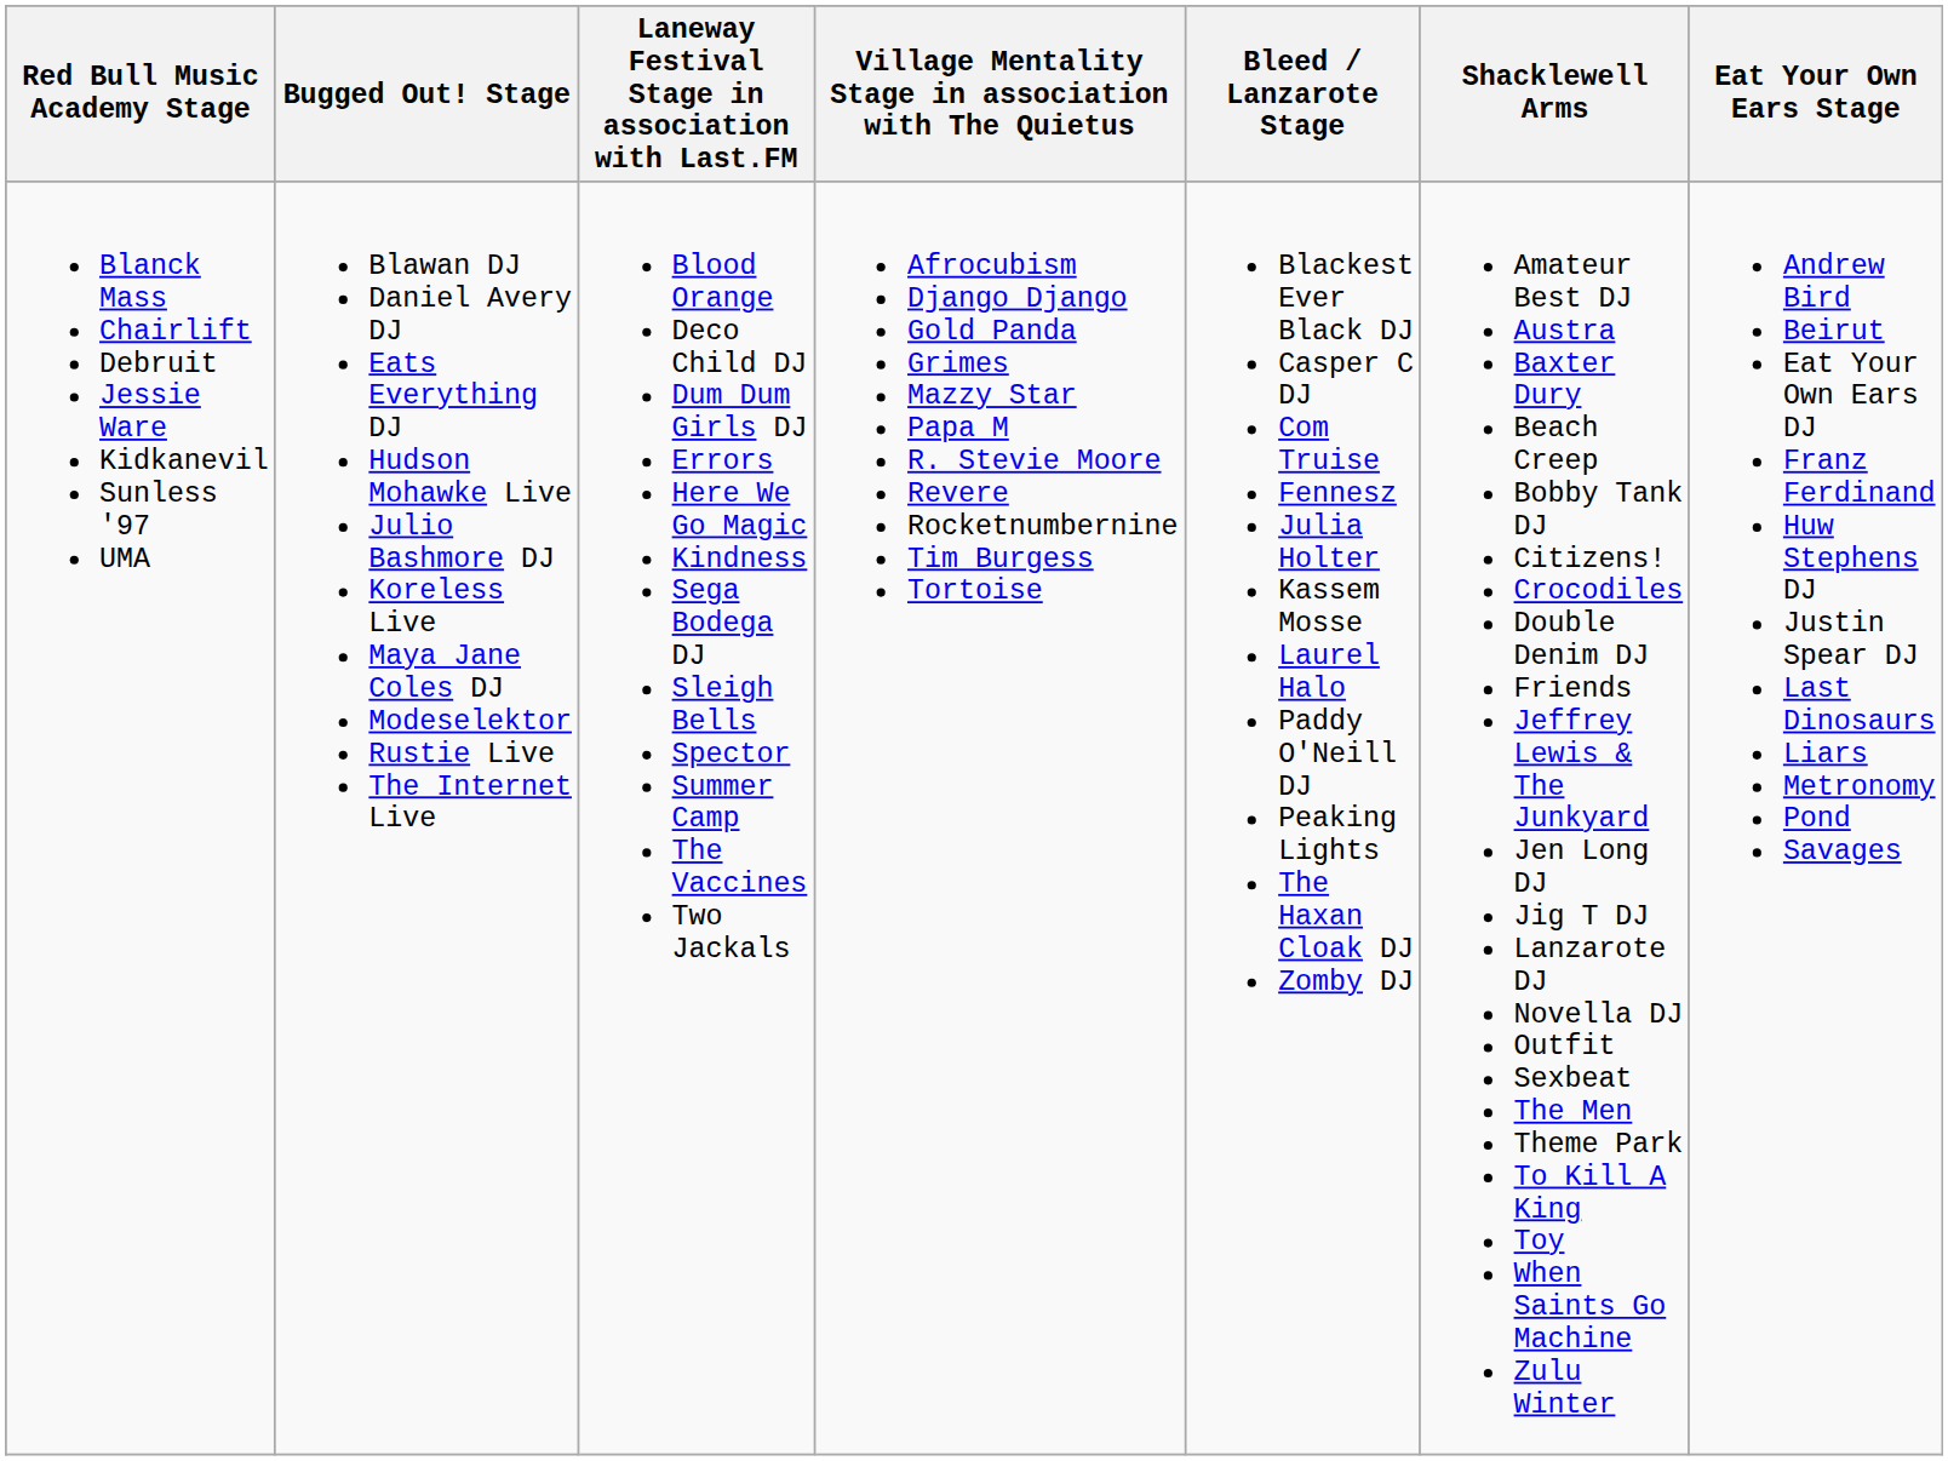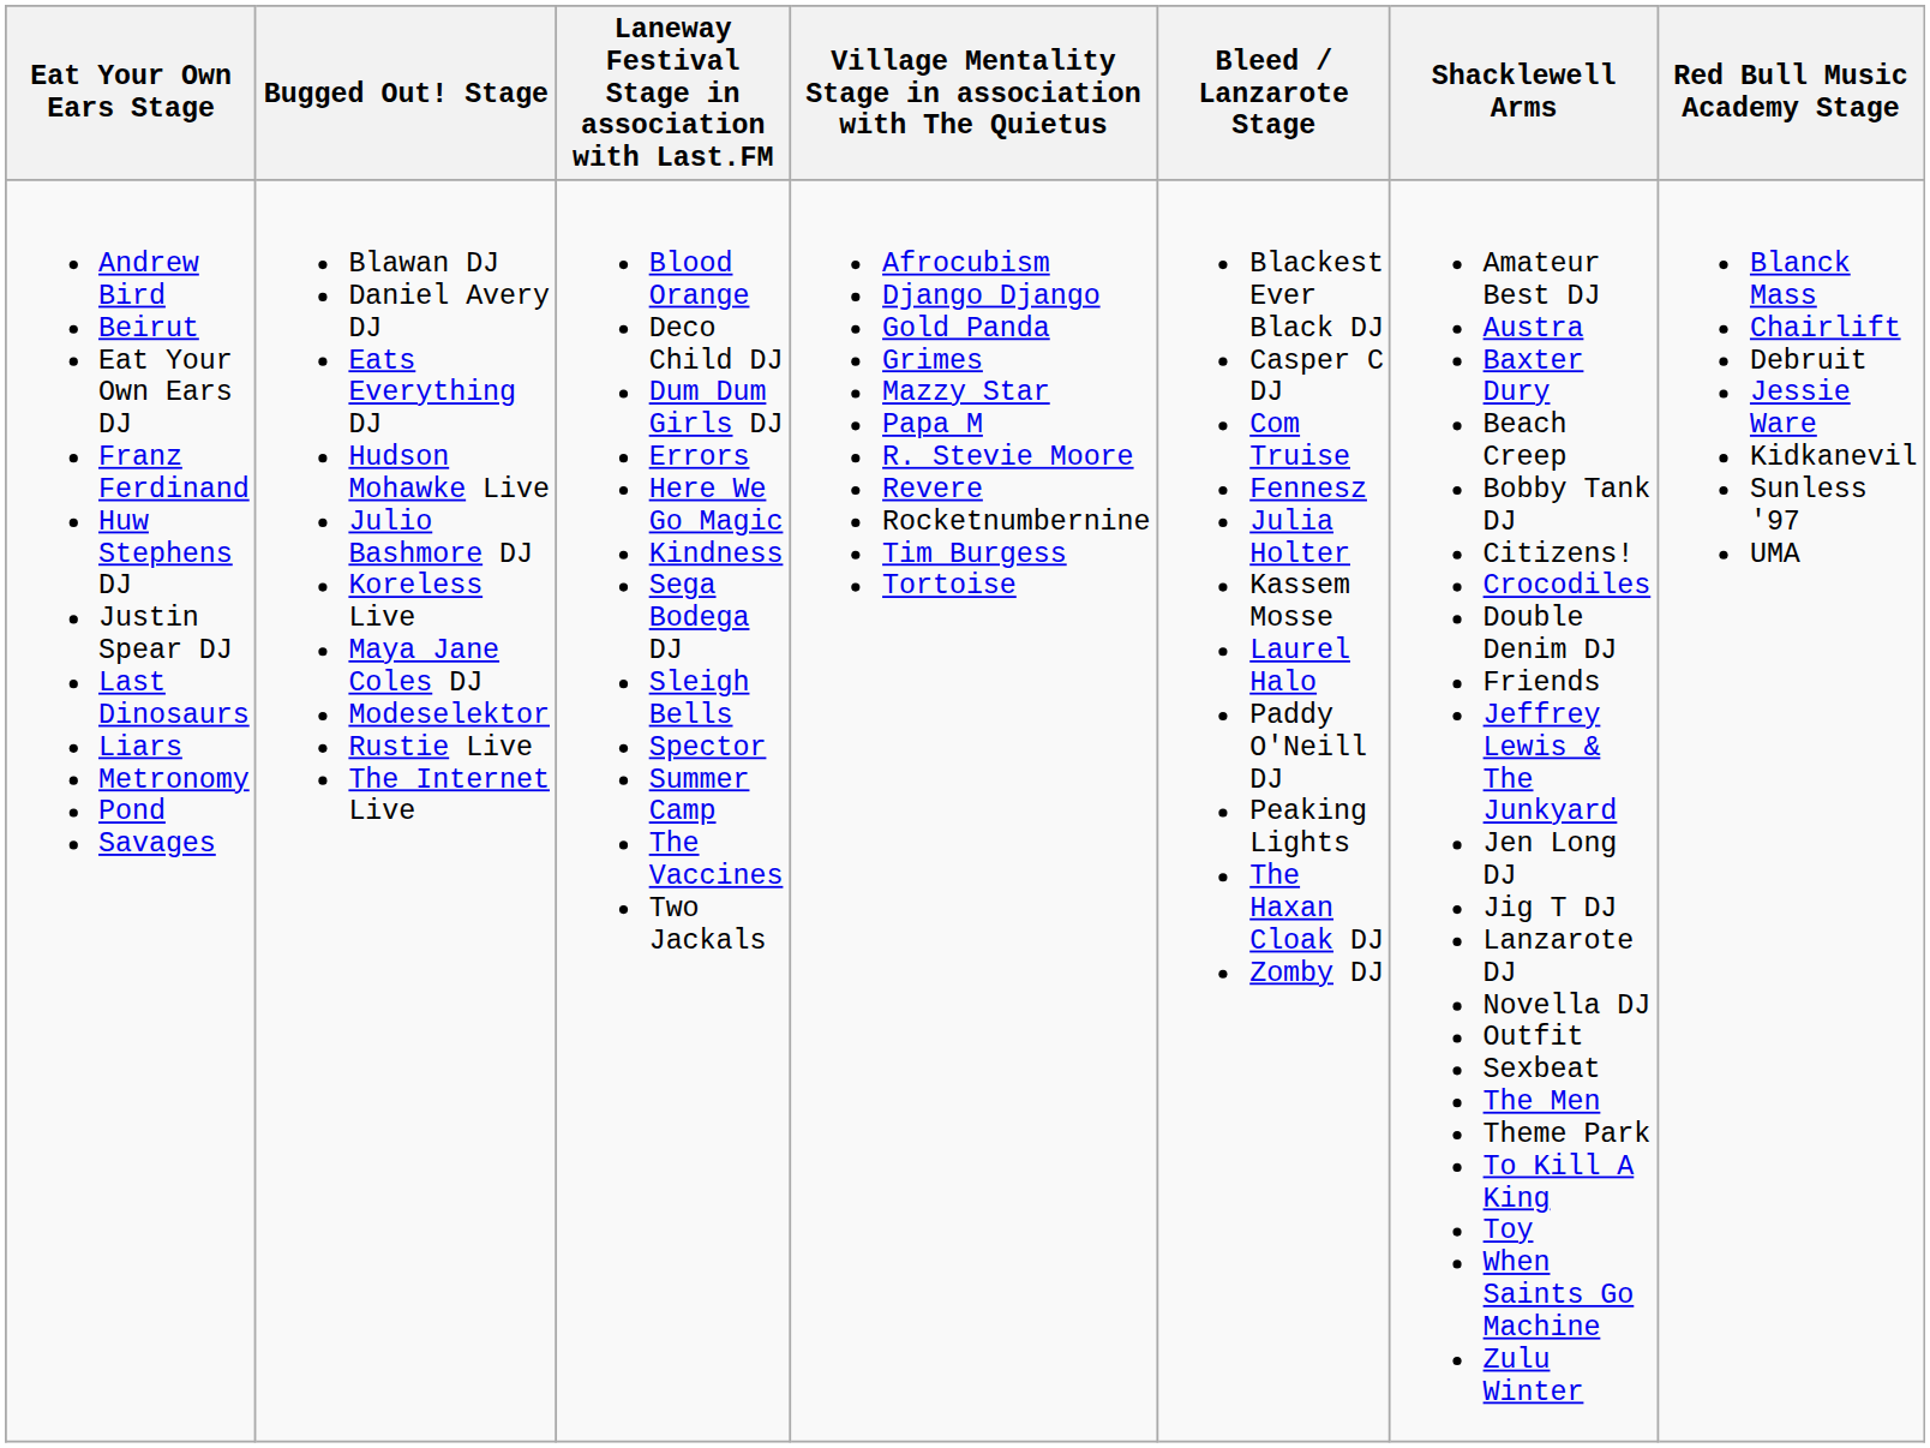 <table class="wikitable">
 <tr>
-<th>Red Bull Music Academy Stage</th>
+<th>Eat Your Own Ears Stage</th>
 <th>Bugged Out! Stage</th>
 <th>Laneway Festival Stage in association with Last.FM</th>
 <th>Village Mentality Stage in association with The Quietus</th>
 <th>Bleed / Lanzarote Stage</th>
 <th>Shacklewell Arms</th>
-<th>Eat Your Own Ears Stage</th>
+<th>Red Bull Music Academy Stage</th>
 </tr>
 <tr valign="top">
-<td><br><ul><li><a href='#'>Blanck Mass</a></li><li><a href='#'>Chairlift</a></li><li>Debruit</li><li><a href='#'>Jessie Ware</a></li><li>Kidkanevil</li><li>Sunless '97</li><li>UMA</li></ul></td>
+<td><br><ul><li><a href='#'>Andrew Bird</a></li><li><a href='#'>Beirut</a></li><li>Eat Your Own Ears DJ</li><li><a href='#'>Franz Ferdinand</a></li><li><a href='#'>Huw Stephens</a> DJ</li><li>Justin Spear DJ</li><li><a href='#'>Last Dinosaurs</a></li><li><a href='#'>Liars</a></li><li><a href='#'>Metronomy</a></li><li><a href='#'>Pond</a></li><li><a href='#'>Savages</a></li></ul></td>
 <td><br><ul><li>Blawan DJ</li><li>Daniel Avery DJ</li><li><a href='#'>Eats Everything</a> DJ</li><li><a href='#'>Hudson Mohawke</a> Live</li><li><a href='#'>Julio Bashmore</a> DJ</li><li><a href='#'>Koreless</a> Live</li><li><a href='#'>Maya Jane Coles</a> DJ</li><li><a href='#'>Modeselektor</a></li><li><a href='#'>Rustie</a> Live</li><li><a href='#'>The Internet</a> Live</li></ul></td>
 <td><br><ul><li><a href='#'>Blood Orange</a></li><li>Deco Child DJ</li><li><a href='#'>Dum Dum Girls</a> DJ</li><li><a href='#'>Errors</a></li><li><a href='#'>Here We Go Magic</a></li><li><a href='#'>Kindness</a></li><li><a href='#'>Sega Bodega</a> DJ</li><li><a href='#'>Sleigh Bells</a></li><li><a href='#'>Spector</a></li><li><a href='#'>Summer Camp</a></li><li><a href='#'>The Vaccines</a></li><li>Two Jackals</li></ul></td>
 <td><br><ul><li><a href='#'>Afrocubism</a></li><li><a href='#'>Django Django</a></li><li><a href='#'>Gold Panda</a></li><li><a href='#'>Grimes</a></li><li><a href='#'>Mazzy Star</a></li><li><a href='#'>Papa M</a></li><li><a href='#'>R. Stevie Moore</a></li><li><a href='#'>Revere</a></li><li>Rocketnumbernine</li><li><a href='#'>Tim Burgess</a></li><li><a href='#'>Tortoise</a></li></ul></td>
 <td><br><ul><li>Blackest Ever Black DJ</li><li>Casper C DJ</li><li><a href='#'>Com Truise</a></li><li><a href='#'>Fennesz</a></li><li><a href='#'>Julia Holter</a></li><li>Kassem Mosse</li><li><a href='#'>Laurel Halo</a></li><li>Paddy O'Neill DJ</li><li>Peaking Lights</li><li><a href='#'>The Haxan Cloak</a> DJ</li><li><a href='#'>Zomby</a> DJ</li></ul></td>
 <td><br><ul><li>Amateur Best DJ</li><li><a href='#'>Austra</a></li><li><a href='#'>Baxter Dury</a></li><li>Beach Creep</li><li>Bobby Tank DJ</li><li>Citizens!</li><li><a href='#'>Crocodiles</a></li><li>Double Denim DJ</li><li>Friends</li><li><a href='#'>Jeffrey Lewis & The Junkyard</a></li><li>Jen Long DJ</li><li>Jig T DJ</li><li>Lanzarote DJ</li><li>Novella DJ</li><li>Outfit</li><li>Sexbeat</li><li><a href='#'>The Men</a></li><li>Theme Park</li><li><a href='#'>To Kill A King</a></li><li><a href='#'>Toy</a></li><li><a href='#'>When Saints Go Machine</a></li><li><a href='#'>Zulu Winter</a></li></ul></td>
-<td><br><ul><li><a href='#'>Andrew Bird</a></li><li><a href='#'>Beirut</a></li><li>Eat Your Own Ears DJ</li><li><a href='#'>Franz Ferdinand</a></li><li><a href='#'>Huw Stephens</a> DJ</li><li>Justin Spear DJ</li><li><a href='#'>Last Dinosaurs</a></li><li><a href='#'>Liars</a></li><li><a href='#'>Metronomy</a></li><li><a href='#'>Pond</a></li><li><a href='#'>Savages</a></li></ul></td>
+<td><br><ul><li><a href='#'>Blanck Mass</a></li><li><a href='#'>Chairlift</a></li><li>Debruit</li><li><a href='#'>Jessie Ware</a></li><li>Kidkanevil</li><li>Sunless '97</li><li>UMA</li></ul></td>
 </tr>
 </table>
